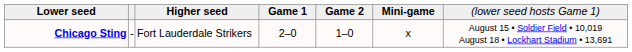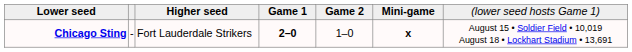 <table style=border-collapse:collapse border=1 cellspacing=0 cellpadding=2>
 <tr style="text-align:center; background:#efefef;">
 <th width=180>Lower seed</th>
 <th width=5></th>
 <th width=180>Higher seed</th>
 <th width=80>Game 1</th>
 <th width=80>Game 2</th>
 <th width=100>Mini-game</th>
 <td width=270><em>(lower seed hosts Game 1)</em></td>
 </tr>
 <tr style="text-align:center; background:snow;">
 <td align=right><strong><a href='#'>Chicago Sting</a></strong></td>
 <td>-</td>
 <td align=left>Fort Lauderdale Strikers</td>
-<td>2–0</td>
+<td><strong>2–0</strong></td>
 <td>1–0</td>
-<td>x</td>
+<td><strong>x</strong></td>
 <td><small>August 15 • <a href='#'>Soldier Field</a> • 10,019<br>August 18 • <a href='#'>Lockhart Stadium</a> • 13,691</small></td>
 </tr>
 </table>
